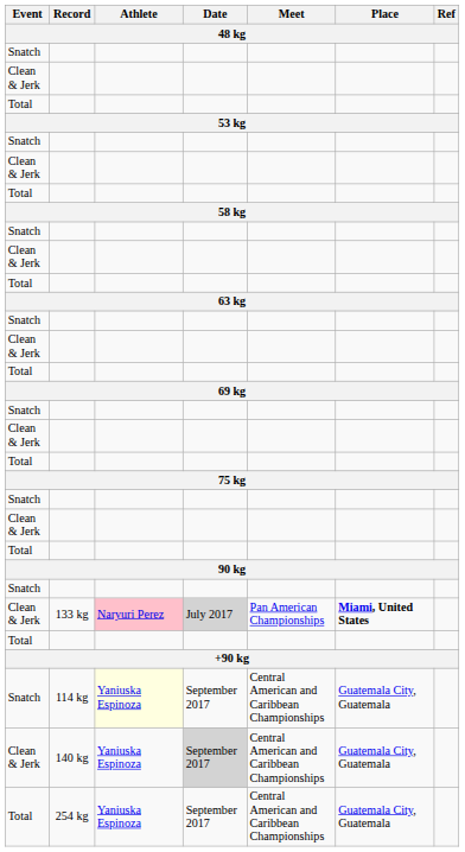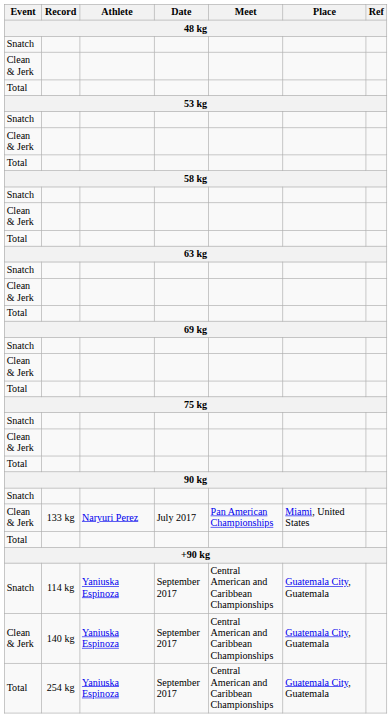 <table class="wikitable">
 <tr>
 <th width=9%>Event</th>
 <th width=6%>Record</th>
 <th width=18%>Athlete</th>
 <th width=13%>Date</th>
 <th width=18%>Meet</th>
 <th width=20%>Place</th>
 <th width=3%>Ref</th>
 </tr>
 <tr bgcolor="#DDDDDD">
 <th colspan="8">48 kg</th>
 </tr>
 <tr>
 <td>Snatch</td>
 <td></td>
 <td></td>
 <td></td>
 <td></td>
 <td></td>
 <td></td>
 </tr>
 <tr>
 <td>Clean & Jerk</td>
 <td></td>
 <td></td>
 <td></td>
 <td></td>
 <td></td>
 <td></td>
 </tr>
 <tr>
 <td>Total</td>
 <td></td>
 <td></td>
 <td></td>
 <td></td>
 <td></td>
 <td></td>
 </tr>
 <tr bgcolor="#DDDDDD">
 <th colspan="8">53 kg</th>
 </tr>
 <tr>
 <td>Snatch</td>
 <td></td>
 <td></td>
 <td></td>
 <td></td>
 <td></td>
 <td></td>
 </tr>
 <tr>
 <td>Clean & Jerk</td>
 <td align="center"></td>
 <td></td>
 <td></td>
 <td></td>
 <td></td>
 <td></td>
 </tr>
 <tr>
 <td>Total</td>
 <td></td>
 <td></td>
 <td></td>
 <td></td>
 <td></td>
 <td></td>
 </tr>
 <tr bgcolor="#DDDDDD">
 <th colspan="8">58 kg</th>
 </tr>
 <tr>
 <td>Snatch</td>
 <td align="center"></td>
 <td></td>
 <td></td>
 <td></td>
 <td></td>
 <td></td>
 </tr>
 <tr>
 <td>Clean & Jerk</td>
 <td align="center"></td>
 <td></td>
 <td></td>
 <td></td>
 <td></td>
 <td></td>
 </tr>
 <tr>
 <td>Total</td>
 <td align="center"></td>
 <td></td>
 <td></td>
 <td></td>
 <td></td>
 <td></td>
 </tr>
 <tr bgcolor="#DDDDDD">
 <th colspan="8">63 kg</th>
 </tr>
 <tr>
 <td>Snatch</td>
 <td></td>
 <td></td>
 <td></td>
 <td></td>
 <td></td>
 <td></td>
 </tr>
 <tr>
 <td>Clean & Jerk</td>
 <td></td>
 <td></td>
 <td></td>
 <td></td>
 <td></td>
 <td></td>
 </tr>
 <tr>
 <td>Total</td>
 <td></td>
 <td></td>
 <td></td>
 <td></td>
 <td></td>
 <td></td>
 </tr>
 <tr bgcolor="#DDDDDD">
 <th colspan="8">69 kg</th>
 </tr>
 <tr>
 <td>Snatch</td>
 <td></td>
 <td></td>
 <td></td>
 <td></td>
 <td></td>
 <td></td>
 </tr>
 <tr>
 <td>Clean & Jerk</td>
 <td></td>
 <td></td>
 <td></td>
 <td></td>
 <td></td>
 <td></td>
 </tr>
 <tr>
 <td>Total</td>
 <td></td>
 <td></td>
 <td></td>
 <td></td>
 <td></td>
 <td></td>
 </tr>
 <tr bgcolor="#DDDDDD">
 <th colspan="8">75 kg</th>
 </tr>
 <tr>
 <td>Snatch</td>
 <td></td>
 <td></td>
 <td></td>
 <td></td>
 <td></td>
 <td></td>
 </tr>
 <tr>
 <td>Clean & Jerk</td>
 <td></td>
 <td></td>
 <td></td>
 <td></td>
 <td></td>
 <td></td>
 </tr>
 <tr>
 <td>Total</td>
 <td></td>
 <td></td>
 <td></td>
 <td></td>
 <td></td>
 <td></td>
 </tr>
 <tr bgcolor="#DDDDDD">
 <th colspan="8">90 kg</th>
 </tr>
 <tr>
 <td>Snatch</td>
 <td align="center"></td>
 <td></td>
 <td></td>
 <td></td>
 <td></td>
 <td></td>
 </tr>
 <tr>
 <td>Clean & Jerk</td>
 <td align="center">133 kg</td>
-<td style="background: pink;"><a href='#'>Naryuri Perez</a></td>
-<td style="background: lightgrey;">July 2017</td>
+<td><a href='#'>Naryuri Perez</a></td>
+<td>July 2017</td>
 <td><a href='#'>Pan American Championships</a></td>
-<td><strong><a href='#'>Miami</a>, United States</strong></td>
+<td><a href='#'>Miami</a>, United States</td>
 <td></td>
 </tr>
 <tr>
 <td>Total</td>
 <td align="center"></td>
 <td></td>
 <td></td>
 <td></td>
 <td></td>
 <td></td>
 </tr>
 <tr bgcolor="#DDDDDD">
 <th colspan="8">+90 kg</th>
 </tr>
 <tr>
 <td>Snatch</td>
 <td align="center">114 kg</td>
-<td style="background: lightyellow;"><a href='#'>Yaniuska Espinoza</a></td>
+<td><a href='#'>Yaniuska Espinoza</a></td>
 <td>September 2017</td>
 <td>Central American and Caribbean Championships</td>
 <td><a href='#'>Guatemala City</a>, Guatemala</td>
 <td></td>
 </tr>
 <tr>
 <td>Clean & Jerk</td>
 <td align="center">140 kg</td>
 <td><a href='#'>Yaniuska Espinoza</a></td>
-<td style="background: lightgrey;">September 2017</td>
+<td>September 2017</td>
 <td>Central American and Caribbean Championships</td>
 <td><a href='#'>Guatemala City</a>, Guatemala</td>
 <td></td>
 </tr>
 <tr>
 <td>Total</td>
 <td align="center">254 kg</td>
 <td><a href='#'>Yaniuska Espinoza</a></td>
 <td>September 2017</td>
 <td>Central American and Caribbean Championships</td>
 <td><a href='#'>Guatemala City</a>, Guatemala</td>
 <td></td>
 </tr>
 </table>
